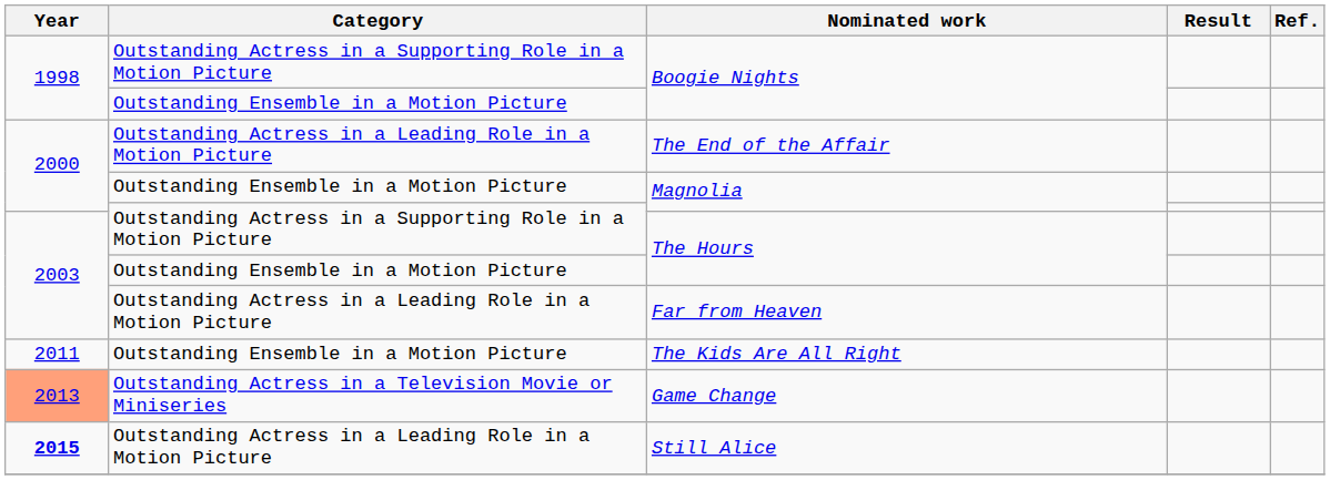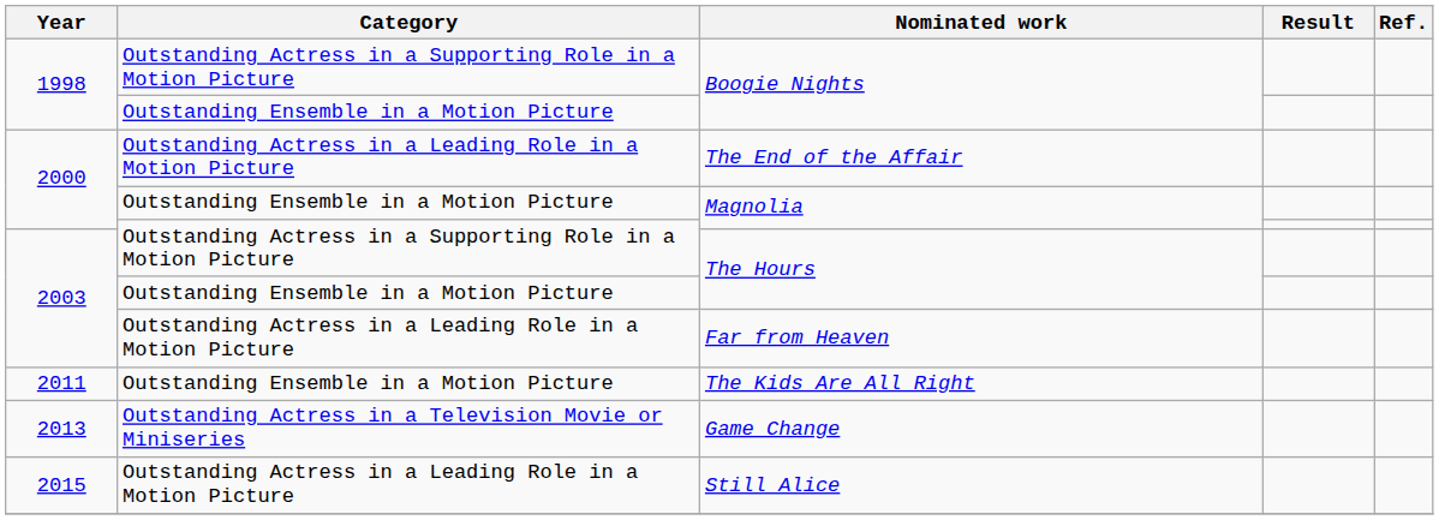 <table class=wikitable>
 <tr>
 <th scope="col" style="width:5em;">Year</th>
 <th scope="col" style="width:28em;">Category</th>
 <th scope="col" style="width:27em;">Nominated work</th>
 <th scope="col" style="width:5em;">Result</th>
 <th>Ref.</th>
 </tr>
 <tr>
 <td style="text-align:center;", rowspan="2"><a href='#'>1998</a></td>
 <td><a href='#'>Outstanding Actress in a Supporting Role in a Motion Picture</a></td>
 <td rowspan="2"><em><a href='#'>Boogie Nights</a></em></td>
 <td></td>
 <td style="text-align:center;"></td>
 </tr>
 <tr>
 <td><a href='#'>Outstanding Ensemble in a Motion Picture</a></td>
 <td></td>
 <td style="text-align:center;"></td>
 </tr>
 <tr>
 <td style="text-align:center;", rowspan="3"><a href='#'>2000</a></td>
 <td><a href='#'>Outstanding Actress in a Leading Role in a Motion Picture</a></td>
 <td><em><a href='#'>The End of the Affair</a></em></td>
 <td></td>
 <td style="text-align:center;"></td>
 </tr>
 <tr>
 <td>Outstanding Ensemble in a Motion Picture</td>
 <td rowspan="2"><em><a href='#'>Magnolia</a></em></td>
 <td></td>
 <td style="text-align:center;"></td>
 </tr>
 <tr>
 <td rowspan="2">Outstanding Actress in a Supporting Role in a Motion Picture</td>
 <td></td>
 <td style="text-align:center;"></td>
 </tr>
 <tr>
 <td style="text-align:center;", rowspan="3"><a href='#'>2003</a></td>
 <td rowspan="2"><em><a href='#'>The Hours</a></em></td>
 <td></td>
 <td style="text-align:center;"></td>
 </tr>
 <tr>
 <td>Outstanding Ensemble in a Motion Picture</td>
 <td></td>
 <td style="text-align:center;"></td>
 </tr>
 <tr>
 <td>Outstanding Actress in a Leading Role in a Motion Picture</td>
 <td><em><a href='#'>Far from Heaven</a></em></td>
 <td></td>
 <td style="text-align:center;"></td>
 </tr>
 <tr>
 <td style="text-align:center;"><a href='#'>2011</a></td>
 <td>Outstanding Ensemble in a Motion Picture</td>
 <td><em><a href='#'>The Kids Are All Right</a></em></td>
 <td></td>
 <td style="text-align:center;"></td>
 </tr>
 <tr>
-<td style="background: lightsalmon; text-align:center;"><a href='#'>2013</a></td>
+<td style="text-align:center;"><a href='#'>2013</a></td>
 <td><a href='#'>Outstanding Actress in a Television Movie or Miniseries</a></td>
 <td><em><a href='#'>Game Change</a></em></td>
 <td></td>
 <td style="text-align:center;"></td>
 </tr>
 <tr>
-<td style="text-align:center;"><strong><a href='#'>2015</a></strong></td>
+<td style="text-align:center;"><a href='#'>2015</a></td>
 <td>Outstanding Actress in a Leading Role in a Motion Picture</td>
 <td><em><a href='#'>Still Alice</a></em></td>
 <td></td>
 <td style="text-align:center;"></td>
 </tr>
 <tr>
 </tr>
 </table>
